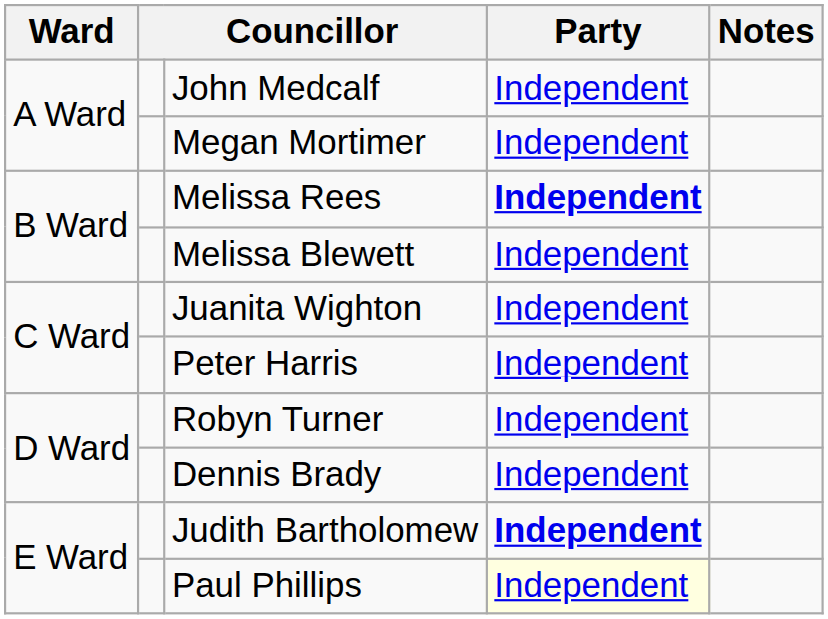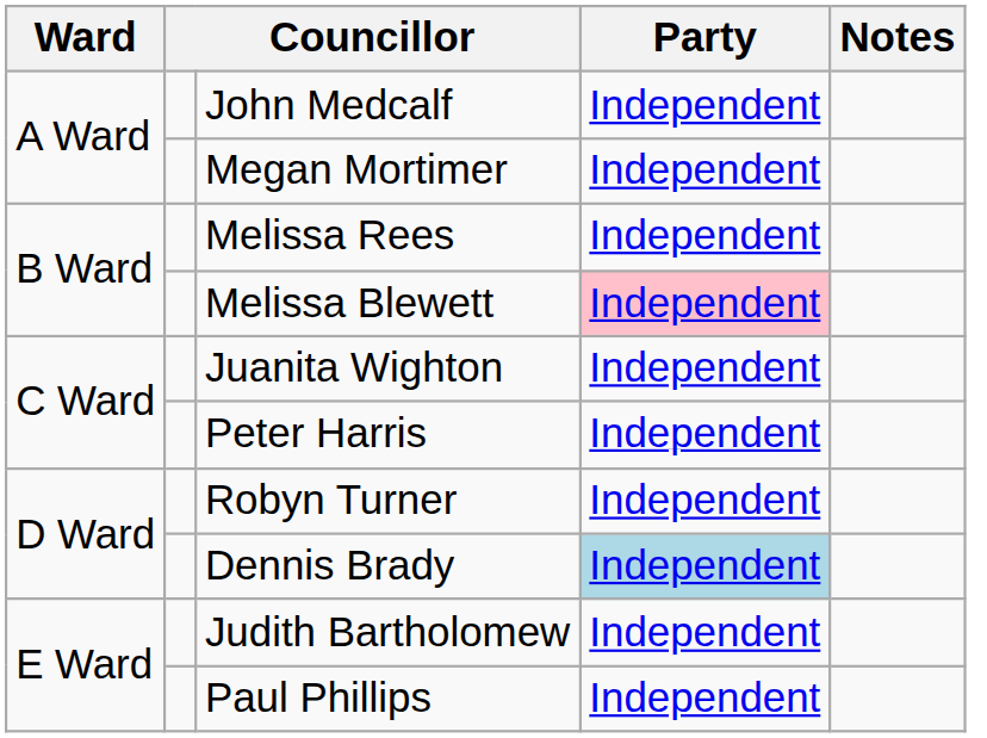 <table class="wikitable">
 <tr>
 <th>Ward</th>
 <th colspan="2">Councillor</th>
 <th>Party</th>
 <th>Notes</th>
 </tr>
 <tr>
 <td rowspan="2">A Ward</td>
 <td> </td>
 <td>John Medcalf</td>
 <td><a href='#'>Independent</a></td>
 <td></td>
 </tr>
 <tr>
 <td> </td>
 <td>Megan Mortimer</td>
 <td><a href='#'>Independent</a></td>
 <td></td>
 </tr>
 <tr>
 <td rowspan="2">B Ward</td>
 <td> </td>
 <td>Melissa Rees</td>
-<td><strong><a href='#'>Independent</a></strong></td>
+<td><a href='#'>Independent</a></td>
 <td></td>
 </tr>
 <tr>
 <td> </td>
 <td>Melissa Blewett</td>
-<td><a href='#'>Independent</a></td>
+<td style="background: pink;"><a href='#'>Independent</a></td>
 <td></td>
 </tr>
 <tr>
 <td rowspan="2">C Ward</td>
 <td> </td>
 <td>Juanita  Wighton</td>
 <td><a href='#'>Independent</a></td>
 <td></td>
 </tr>
 <tr>
 <td> </td>
 <td>Peter Harris</td>
 <td><a href='#'>Independent</a></td>
 <td></td>
 </tr>
 <tr>
 <td rowspan="2">D Ward</td>
 <td> </td>
 <td>Robyn Turner</td>
 <td><a href='#'>Independent</a></td>
 <td></td>
 </tr>
 <tr>
 <td> </td>
 <td>Dennis Brady</td>
-<td><a href='#'>Independent</a></td>
+<td style="background: lightblue;"><a href='#'>Independent</a></td>
 <td></td>
 </tr>
 <tr>
 <td rowspan="2">E Ward</td>
 <td> </td>
 <td>Judith Bartholomew</td>
-<td><strong><a href='#'>Independent</a></strong></td>
+<td><a href='#'>Independent</a></td>
 <td></td>
 </tr>
 <tr>
 <td> </td>
 <td>Paul Phillips</td>
-<td style="background: lightyellow;"><a href='#'>Independent</a></td>
+<td><a href='#'>Independent</a></td>
 <td></td>
 </tr>
 </table>
